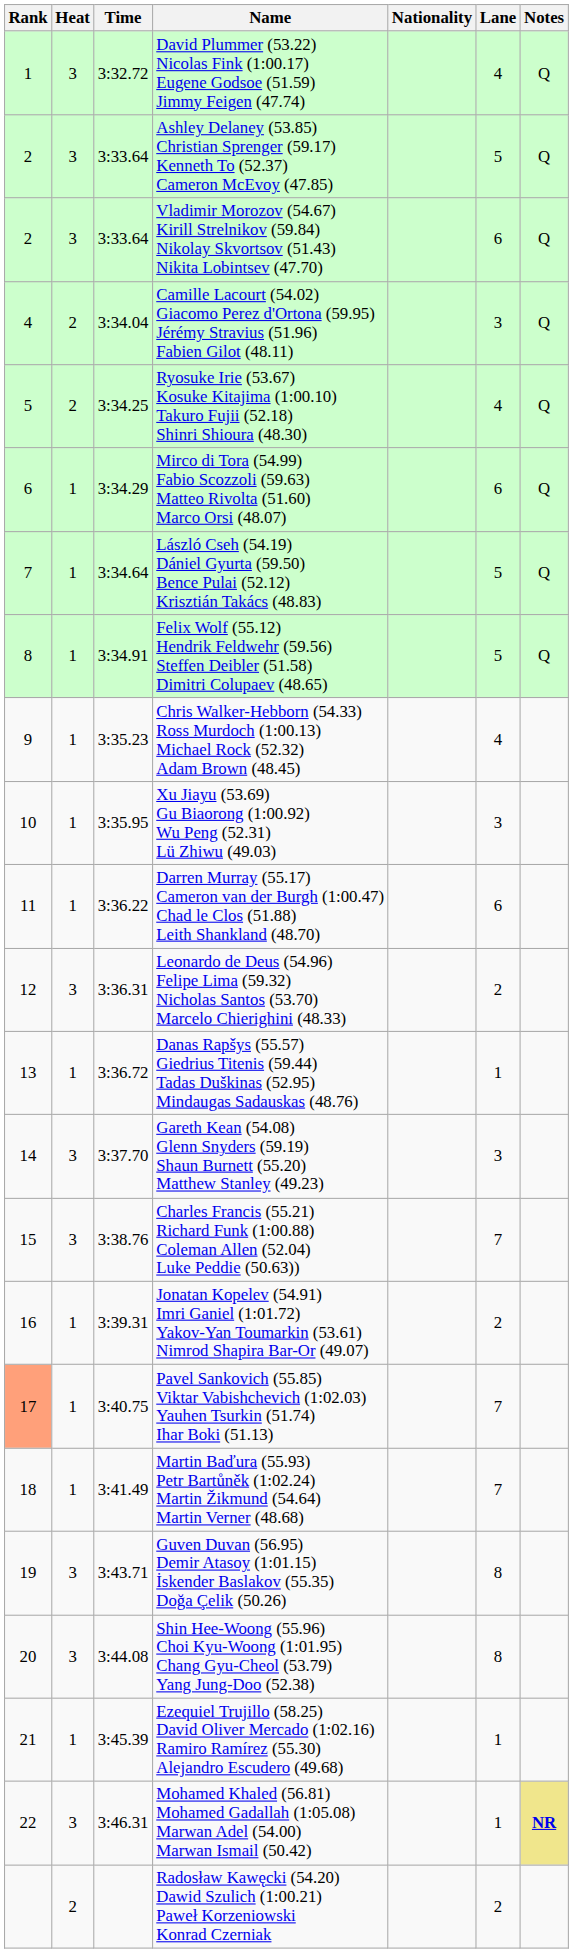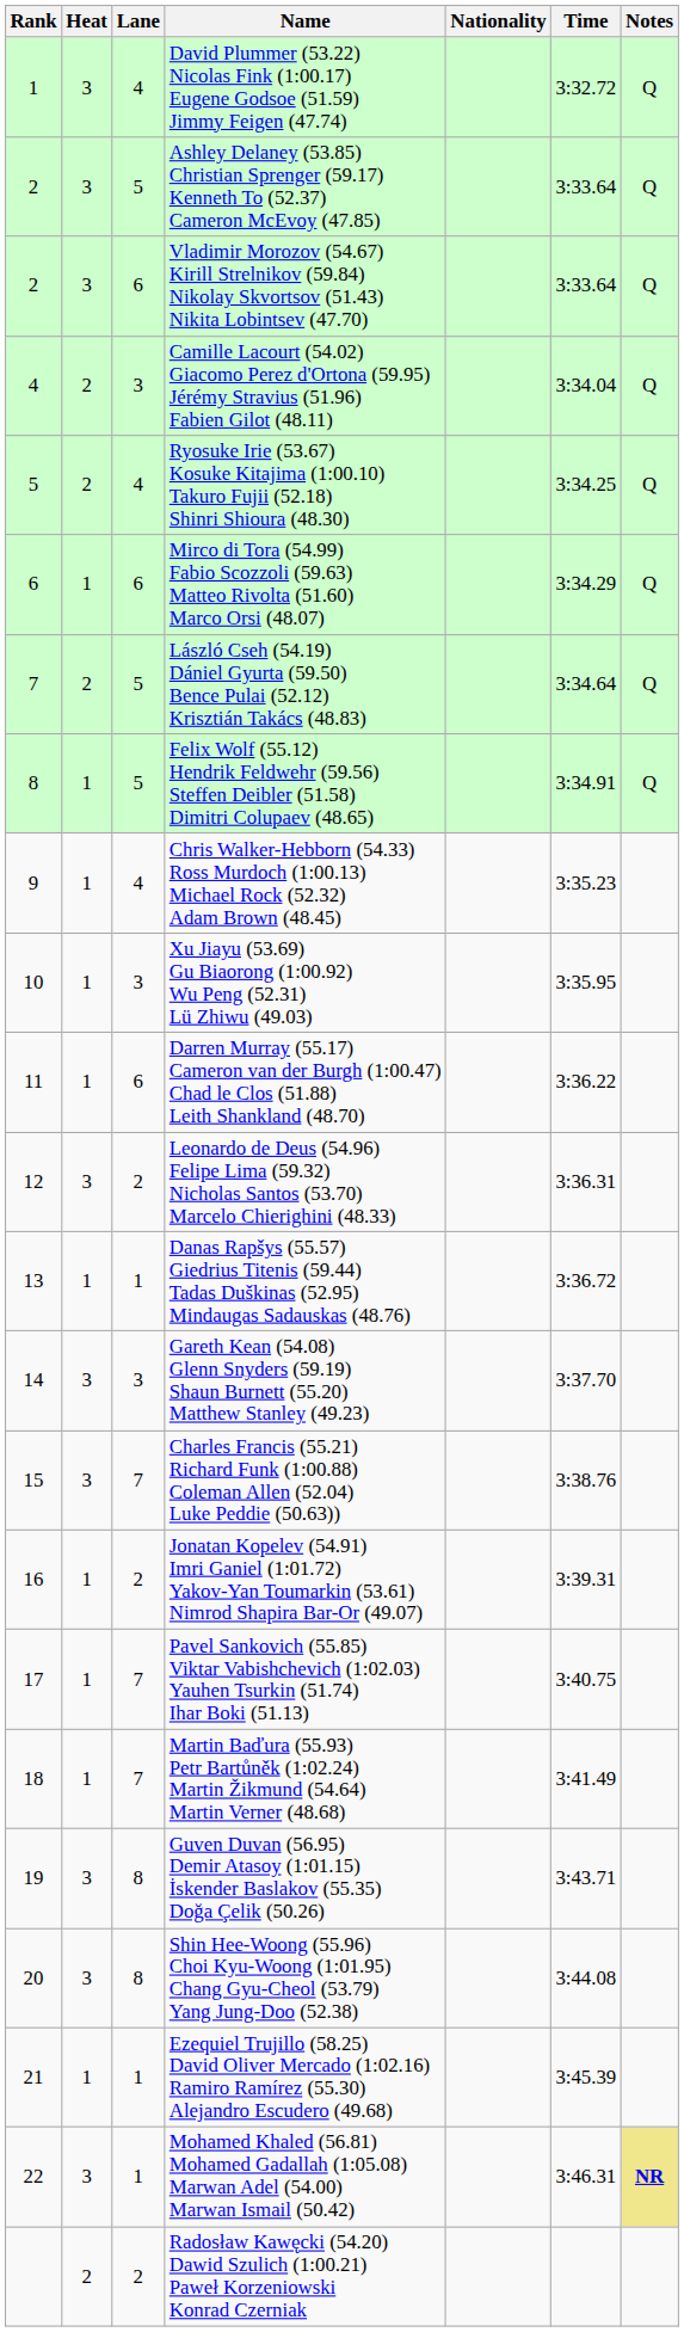 <table class="wikitable sortable" style="text-align:center">
 <tr>
 <th>Rank</th>
 <th>Heat</th>
-<th>Time</th>
+<th>Lane</th>
 <th>Name</th>
 <th>Nationality</th>
-<th>Lane</th>
+<th>Time</th>
 <th>Notes</th>
 </tr>
 <tr bgcolor=ccffcc>
 <td>1</td>
 <td>3</td>
-<td>3:32.72</td>
+<td>4</td>
 <td align=left><a href='#'>David Plummer</a> (53.22)<br><a href='#'>Nicolas Fink</a> (1:00.17)<br><a href='#'>Eugene Godsoe</a> (51.59)<br><a href='#'>Jimmy Feigen</a> (47.74)</td>
 <td align=left></td>
-<td>4</td>
+<td>3:32.72</td>
 <td>Q</td>
 </tr>
 <tr bgcolor=ccffcc>
 <td>2</td>
 <td>3</td>
-<td>3:33.64</td>
+<td>5</td>
 <td align=left><a href='#'>Ashley Delaney</a> (53.85)<br><a href='#'>Christian Sprenger</a> (59.17)<br><a href='#'>Kenneth To</a> (52.37)<br><a href='#'>Cameron McEvoy</a> (47.85)</td>
 <td align=left></td>
-<td>5</td>
+<td>3:33.64</td>
 <td>Q</td>
 </tr>
 <tr bgcolor=ccffcc>
 <td>2</td>
 <td>3</td>
-<td>3:33.64</td>
+<td>6</td>
 <td align=left><a href='#'>Vladimir Morozov</a> (54.67)<br><a href='#'>Kirill Strelnikov</a> (59.84)<br><a href='#'>Nikolay Skvortsov</a> (51.43)<br><a href='#'>Nikita Lobintsev</a> (47.70)</td>
 <td align=left></td>
-<td>6</td>
+<td>3:33.64</td>
 <td>Q</td>
 </tr>
 <tr bgcolor=ccffcc>
 <td>4</td>
 <td>2</td>
-<td>3:34.04</td>
+<td>3</td>
 <td align=left><a href='#'>Camille Lacourt</a> (54.02)<br><a href='#'>Giacomo Perez d'Ortona</a> (59.95)<br><a href='#'>Jérémy Stravius</a> (51.96)<br><a href='#'>Fabien Gilot</a> (48.11)</td>
 <td align=left></td>
-<td>3</td>
+<td>3:34.04</td>
 <td>Q</td>
 </tr>
 <tr bgcolor=ccffcc>
 <td>5</td>
 <td>2</td>
-<td>3:34.25</td>
+<td>4</td>
 <td align=left><a href='#'>Ryosuke Irie</a> (53.67)<br><a href='#'>Kosuke Kitajima</a> (1:00.10)<br><a href='#'>Takuro Fujii</a> (52.18)<br><a href='#'>Shinri Shioura</a> (48.30)</td>
 <td align=left></td>
-<td>4</td>
+<td>3:34.25</td>
 <td>Q</td>
 </tr>
 <tr bgcolor=ccffcc>
 <td>6</td>
 <td>1</td>
-<td>3:34.29</td>
+<td>6</td>
 <td align=left><a href='#'>Mirco di Tora</a> (54.99)<br><a href='#'>Fabio Scozzoli</a> (59.63)<br><a href='#'>Matteo Rivolta</a> (51.60)<br><a href='#'>Marco Orsi</a> (48.07)</td>
 <td align=left></td>
-<td>6</td>
+<td>3:34.29</td>
 <td>Q</td>
 </tr>
 <tr bgcolor=ccffcc>
 <td>7</td>
-<td>1</td>
-<td>3:34.64</td>
+<td>2</td>
+<td>5</td>
 <td align=left><a href='#'>László Cseh</a> (54.19)<br><a href='#'>Dániel Gyurta</a> (59.50)<br><a href='#'>Bence Pulai</a> (52.12)<br><a href='#'>Krisztián Takács</a> (48.83)</td>
 <td align=left></td>
-<td>5</td>
+<td>3:34.64</td>
 <td>Q</td>
 </tr>
 <tr bgcolor=ccffcc>
 <td>8</td>
 <td>1</td>
-<td>3:34.91</td>
+<td>5</td>
 <td align=left><a href='#'>Felix Wolf</a> (55.12)<br><a href='#'>Hendrik Feldwehr</a> (59.56)<br><a href='#'>Steffen Deibler</a> (51.58)<br><a href='#'>Dimitri Colupaev</a> (48.65)</td>
 <td align=left></td>
-<td>5</td>
+<td>3:34.91</td>
 <td>Q</td>
 </tr>
 <tr>
 <td>9</td>
 <td>1</td>
-<td>3:35.23</td>
+<td>4</td>
 <td align=left><a href='#'>Chris Walker-Hebborn</a> (54.33)<br><a href='#'>Ross Murdoch</a> (1:00.13)<br><a href='#'>Michael Rock</a> (52.32)<br><a href='#'>Adam Brown</a> (48.45)</td>
 <td align=left></td>
-<td>4</td>
+<td>3:35.23</td>
 <td></td>
 </tr>
 <tr>
 <td>10</td>
 <td>1</td>
-<td>3:35.95</td>
+<td>3</td>
 <td align=left><a href='#'>Xu Jiayu</a> (53.69)<br><a href='#'>Gu Biaorong</a> (1:00.92)<br><a href='#'>Wu Peng</a> (52.31)<br><a href='#'>Lü Zhiwu</a> (49.03)</td>
 <td align=left></td>
-<td>3</td>
+<td>3:35.95</td>
 <td></td>
 </tr>
 <tr>
 <td>11</td>
 <td>1</td>
-<td>3:36.22</td>
+<td>6</td>
 <td align=left><a href='#'>Darren Murray</a> (55.17)<br><a href='#'>Cameron van der Burgh</a> (1:00.47)<br><a href='#'>Chad le Clos</a> (51.88)<br><a href='#'>Leith Shankland</a> (48.70)</td>
 <td align=left></td>
-<td>6</td>
+<td>3:36.22</td>
 <td></td>
 </tr>
 <tr>
 <td>12</td>
 <td>3</td>
-<td>3:36.31</td>
+<td>2</td>
 <td align=left><a href='#'>Leonardo de Deus</a> (54.96)<br><a href='#'>Felipe Lima</a> (59.32)<br><a href='#'>Nicholas Santos</a> (53.70)<br><a href='#'>Marcelo Chierighini</a> (48.33)</td>
 <td align=left></td>
-<td>2</td>
+<td>3:36.31</td>
 <td></td>
 </tr>
 <tr>
 <td>13</td>
 <td>1</td>
-<td>3:36.72</td>
+<td>1</td>
 <td align=left><a href='#'>Danas Rapšys</a> (55.57)<br><a href='#'>Giedrius Titenis</a> (59.44)<br><a href='#'>Tadas Duškinas</a> (52.95)<br><a href='#'>Mindaugas Sadauskas</a> (48.76)</td>
 <td align=left></td>
-<td>1</td>
+<td>3:36.72</td>
 <td></td>
 </tr>
 <tr>
 <td>14</td>
 <td>3</td>
-<td>3:37.70</td>
+<td>3</td>
 <td align=left><a href='#'>Gareth Kean</a> (54.08)<br><a href='#'>Glenn Snyders</a> (59.19)<br><a href='#'>Shaun Burnett</a> (55.20)<br><a href='#'>Matthew Stanley</a> (49.23)</td>
 <td align=left></td>
-<td>3</td>
+<td>3:37.70</td>
 <td></td>
 </tr>
 <tr>
 <td>15</td>
 <td>3</td>
-<td>3:38.76</td>
+<td>7</td>
 <td align=left><a href='#'>Charles Francis</a> (55.21)<br><a href='#'>Richard Funk</a> (1:00.88)<br><a href='#'>Coleman Allen</a> (52.04)<br><a href='#'>Luke Peddie</a> (50.63))</td>
 <td align=left></td>
-<td>7</td>
+<td>3:38.76</td>
 <td></td>
 </tr>
 <tr>
 <td>16</td>
 <td>1</td>
-<td>3:39.31</td>
+<td>2</td>
 <td align=left><a href='#'>Jonatan Kopelev</a> (54.91)<br><a href='#'>Imri Ganiel</a> (1:01.72)<br><a href='#'>Yakov-Yan Toumarkin</a> (53.61)<br><a href='#'>Nimrod Shapira Bar-Or</a> (49.07)</td>
 <td align=left></td>
-<td>2</td>
+<td>3:39.31</td>
 <td></td>
 </tr>
 <tr>
-<td style="background: lightsalmon;">17</td>
+<td>17</td>
 <td>1</td>
-<td>3:40.75</td>
+<td>7</td>
 <td align=left><a href='#'>Pavel Sankovich</a> (55.85)<br><a href='#'>Viktar Vabishchevich</a> (1:02.03)<br><a href='#'>Yauhen Tsurkin</a> (51.74)<br><a href='#'>Ihar Boki</a> (51.13)</td>
 <td align=left></td>
-<td>7</td>
+<td>3:40.75</td>
 <td></td>
 </tr>
 <tr>
 <td>18</td>
 <td>1</td>
-<td>3:41.49</td>
+<td>7</td>
 <td align=left><a href='#'>Martin Baďura</a> (55.93)<br><a href='#'>Petr Bartůněk</a> (1:02.24)<br><a href='#'>Martin Žikmund</a> (54.64)<br><a href='#'>Martin Verner</a> (48.68)</td>
 <td align=left></td>
-<td>7</td>
+<td>3:41.49</td>
 <td></td>
 </tr>
 <tr>
 <td>19</td>
 <td>3</td>
-<td>3:43.71</td>
+<td>8</td>
 <td align=left><a href='#'>Guven Duvan</a> (56.95)<br><a href='#'>Demir Atasoy</a> (1:01.15)<br><a href='#'>İskender Baslakov</a> (55.35)<br><a href='#'>Doğa Çelik</a> (50.26)</td>
 <td align=left></td>
-<td>8</td>
+<td>3:43.71</td>
 <td></td>
 </tr>
 <tr>
 <td>20</td>
 <td>3</td>
-<td>3:44.08</td>
+<td>8</td>
 <td align=left><a href='#'>Shin Hee-Woong</a> (55.96)<br><a href='#'>Choi Kyu-Woong</a> (1:01.95)<br><a href='#'>Chang Gyu-Cheol</a> (53.79)<br><a href='#'>Yang Jung-Doo</a> (52.38)</td>
 <td align=left></td>
-<td>8</td>
+<td>3:44.08</td>
 <td></td>
 </tr>
 <tr>
 <td>21</td>
 <td>1</td>
-<td>3:45.39</td>
+<td>1</td>
 <td align=left><a href='#'>Ezequiel Trujillo</a> (58.25)<br><a href='#'>David Oliver Mercado</a> (1:02.16)<br><a href='#'>Ramiro Ramírez</a> (55.30)<br><a href='#'>Alejandro Escudero</a> (49.68)</td>
 <td align=left></td>
-<td>1</td>
+<td>3:45.39</td>
 <td></td>
 </tr>
 <tr>
 <td>22</td>
 <td>3</td>
-<td>3:46.31</td>
+<td>1</td>
 <td align=left><a href='#'>Mohamed Khaled</a> (56.81)<br><a href='#'>Mohamed Gadallah</a> (1:05.08)<br><a href='#'>Marwan Adel</a> (54.00)<br><a href='#'>Marwan Ismail</a> (50.42)</td>
 <td align=left></td>
-<td>1</td>
+<td>3:46.31</td>
 <td style="background: khaki;"><strong><a href='#'>NR</a></strong></td>
 </tr>
 <tr>
 <td></td>
 <td>2</td>
-<td></td>
+<td>2</td>
 <td align=left><a href='#'>Radosław Kawęcki</a> (54.20)<br><a href='#'>Dawid Szulich</a> (1:00.21)<br><a href='#'>Paweł Korzeniowski</a><br><a href='#'>Konrad Czerniak</a></td>
 <td align=left></td>
-<td>2</td>
+<td></td>
 <td></td>
 </tr>
 </table>
